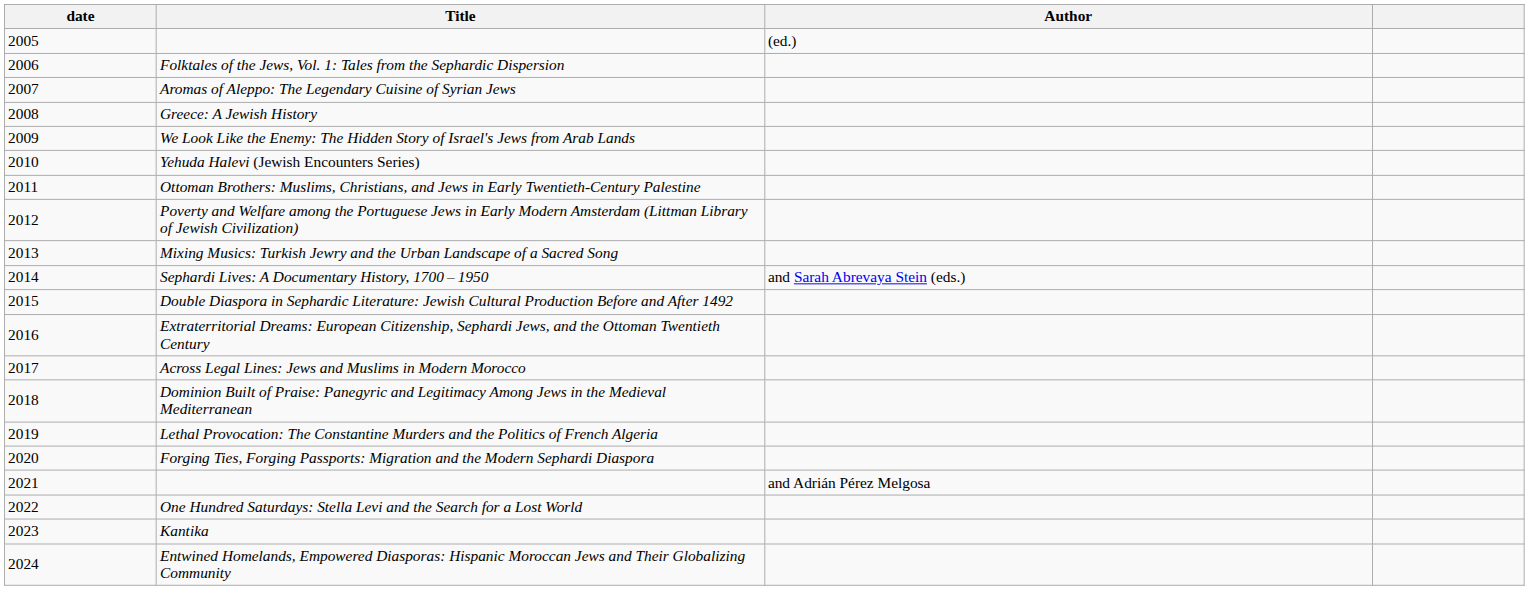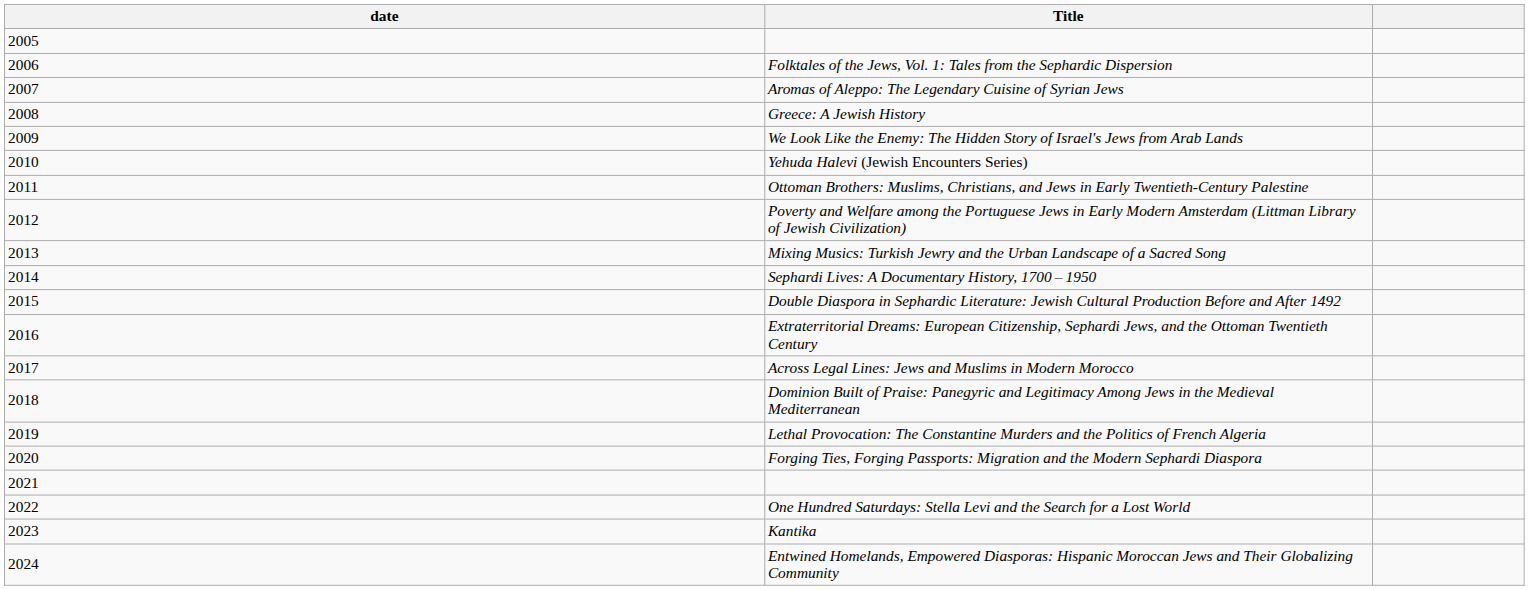 <table class="wikitable sortable" style="width:100%">
 <tr>
 <th>date</th>
 <th scope="col" style="width:40%">Title</th>
-<th scope="col" style="width:40%">Author</th>
 <th scope="col" style="width:10%"></th>
 </tr>
 <tr>
 <td>2005</td>
 <td><em></em></td>
-<td> (ed.)</td>
 <td></td>
 </tr>
 <tr>
 <td>2006</td>
 <td><em>Folktales of the Jews, Vol. 1: Tales from the Sephardic Dispersion</em></td>
 <td></td>
-<td></td>
 </tr>
 <tr>
 <td>2007</td>
 <td><em>Aromas of Aleppo: The Legendary Cuisine of Syrian Jews</em></td>
-<td></td>
 <td></td>
 </tr>
 <tr>
 <td>2008</td>
 <td><em>Greece: A Jewish History</em></td>
 <td></td>
-<td></td>
 </tr>
 <tr>
 <td>2009</td>
 <td><em>We Look Like the Enemy: The Hidden Story of Israel's Jews from Arab Lands</em></td>
-<td></td>
 <td></td>
 </tr>
 <tr>
 <td>2010</td>
 <td><em>Yehuda Halevi</em> (Jewish Encounters Series)</td>
 <td></td>
-<td></td>
 </tr>
 <tr>
 <td>2011</td>
 <td><em>Ottoman Brothers: Muslims, Christians, and Jews in Early Twentieth-Century Palestine</em></td>
-<td></td>
 <td></td>
 </tr>
 <tr>
 <td>2012</td>
 <td><em>Poverty and Welfare among the Portuguese Jews in Early Modern Amsterdam (Littman Library of Jewish Civilization)</em></td>
 <td></td>
-<td></td>
 </tr>
 <tr>
 <td>2013</td>
 <td><em>Mixing Musics: Turkish Jewry and the Urban Landscape of a Sacred Song</em></td>
 <td></td>
-<td></td>
 </tr>
 <tr>
 <td>2014</td>
 <td><em>Sephardi Lives: A Documentary History, 1700 – 1950</em></td>
-<td> and <a href='#'>Sarah Abrevaya Stein</a> (eds.)</td>
 <td></td>
 </tr>
 <tr>
 <td>2015</td>
 <td><em>Double Diaspora in Sephardic Literature: Jewish Cultural Production Before and After 1492</em></td>
-<td></td>
 <td><em></em></td>
 </tr>
 <tr>
 <td>2016</td>
 <td><em>Extraterritorial Dreams: European Citizenship, Sephardi Jews, and the Ottoman Twentieth Century</em></td>
 <td></td>
-<td></td>
 </tr>
 <tr>
 <td>2017</td>
 <td><em>Across Legal Lines: Jews and Muslims in Modern Morocco</em></td>
-<td></td>
 <td></td>
 </tr>
 <tr>
 <td>2018</td>
 <td><em>Dominion Built of Praise: Panegyric and Legitimacy Among Jews in the Medieval Mediterranean</em></td>
 <td></td>
-<td></td>
 </tr>
 <tr>
 <td>2019</td>
 <td><em>Lethal Provocation: The Constantine Murders and the Politics of French Algeria</em></td>
-<td></td>
 <td></td>
 </tr>
 <tr>
 <td>2020</td>
 <td><em>Forging Ties, Forging Passports: Migration and the Modern Sephardi Diaspora</em></td>
 <td></td>
-<td></td>
 </tr>
 <tr>
 <td>2021</td>
 <td><em></em></td>
-<td> and Adrián Pérez Melgosa</td>
 <td></td>
 </tr>
 <tr>
 <td>2022</td>
 <td><em>One Hundred Saturdays: Stella Levi and the Search for a Lost World</em></td>
 <td></td>
-<td></td>
 </tr>
 <tr>
 <td>2023</td>
 <td><em>Kantika</em></td>
-<td></td>
 <td></td>
 </tr>
 <tr>
 <td>2024</td>
 <td><em>Entwined Homelands, Empowered Diasporas: Hispanic Moroccan Jews and Their Globalizing Community</em></td>
 <td></td>
-<td></td>
 </tr>
 </table>
